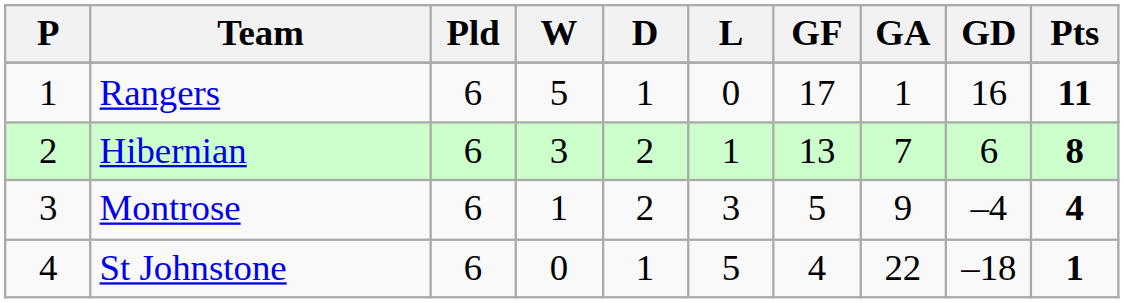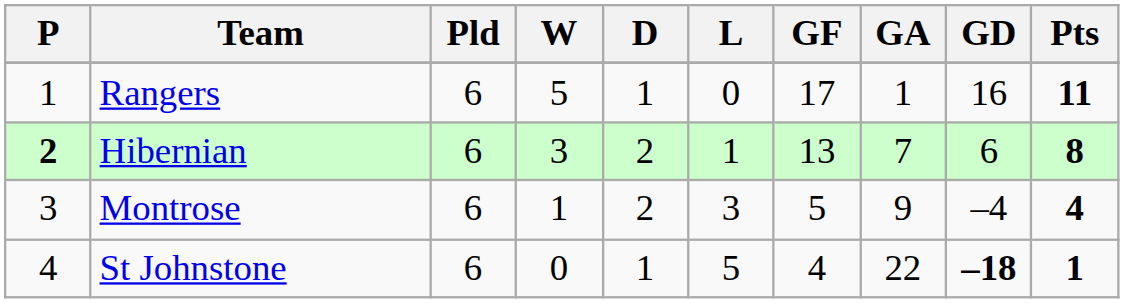 <table class="wikitable" style="text-align: center;">
 <tr>
 <th width=30>P</th>
 <th width=140>Team</th>
 <th width=30>Pld</th>
 <th width=30>W</th>
 <th width=30>D</th>
 <th width=30>L</th>
 <th width=30>GF</th>
 <th width=30>GA</th>
 <th width=30>GD</th>
 <th width=30>Pts</th>
 </tr>
 <tr>
 </tr>
 <tr>
 <td>1</td>
 <td align=left><a href='#'>Rangers</a></td>
 <td>6</td>
 <td>5</td>
 <td>1</td>
 <td>0</td>
 <td>17</td>
 <td>1</td>
 <td>16</td>
 <td><strong>11</strong></td>
 </tr>
 <tr style="background:#ccffcc;">
-<td>2</td>
+<td><strong>2</strong></td>
 <td align=left><a href='#'>Hibernian</a></td>
 <td>6</td>
 <td>3</td>
 <td>2</td>
 <td>1</td>
 <td>13</td>
 <td>7</td>
 <td>6</td>
 <td><strong>8</strong></td>
 </tr>
 <tr>
 <td>3</td>
 <td align=left><a href='#'>Montrose</a></td>
 <td>6</td>
 <td>1</td>
 <td>2</td>
 <td>3</td>
 <td>5</td>
 <td>9</td>
 <td>–4</td>
 <td><strong>4</strong></td>
 </tr>
 <tr>
 <td>4</td>
 <td align=left><a href='#'>St Johnstone</a></td>
 <td>6</td>
 <td>0</td>
 <td>1</td>
 <td>5</td>
 <td>4</td>
 <td>22</td>
-<td>–18</td>
+<td><strong>–18</strong></td>
 <td><strong>1</strong></td>
 </tr>
 </table>
